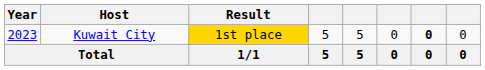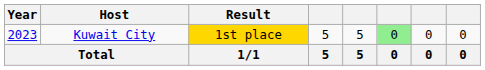 <table class="wikitable" style="text-align:center">
 <tr>
 <th width=30>Year</th>
 <th width=150>Host</th>
 <th width=120>Result</th>
 <th width=30></th>
 <th width=30></th>
 <th width=30></th>
 <th width=30></th>
 <th width=30></th>
 </tr>
 <tr>
 <td><a href='#'>2023</a></td>
 <td> <a href='#'>Kuwait City</a></td>
 <td bgcolor="#FFD700"> 1st place</td>
 <td>5</td>
 <td>5</td>
+<td style="background: lightgreen;">0</td>
 <td>0</td>
-<td><strong>0</strong></td>
 <td>0</td>
 </tr>
 <tr>
 <th colspan=2>Total</th>
 <th>1/1</th>
 <th>5</th>
 <th>5</th>
 <th>0</th>
 <th>0</th>
 <th>0</th>
 </tr>
 </table>
